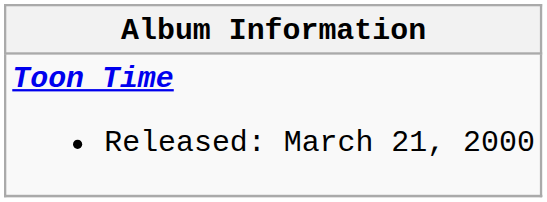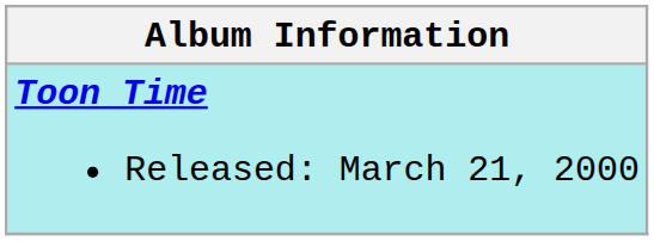 <table class="wikitable">
 <tr>
 <th>Album Information</th>
 </tr>
 <tr>
-<td align="left"><strong><em><a href='#'>Toon Time</a></em></strong><br><ul><li>Released: March 21, 2000</li></ul></td>
+<td align="left" style="background: paleturquoise;"><strong><em><a href='#'>Toon Time</a></em></strong><br><ul><li>Released: March 21, 2000</li></ul></td>
 </tr>
 <tr>
 </tr>
 </table>
